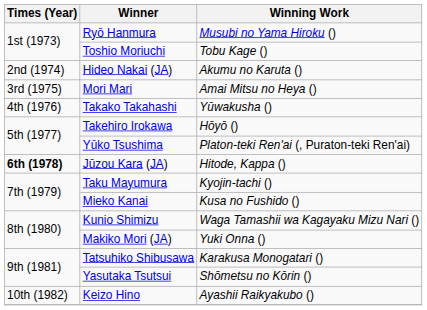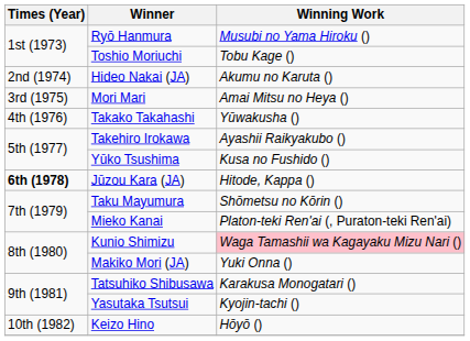 <table class="wikitable" style="text-align:left;">
 <tr>
 <th>Times (Year)</th>
 <th>Winner</th>
 <th>Winning Work</th>
 </tr>
 <tr>
 <td rowspan="2">1st (1973)</td>
 <td><a href='#'>Ryō Hanmura</a></td>
 <td><em><a href='#'>Musubi no Yama Hiroku</a></em> ()</td>
 </tr>
 <tr>
 <td><a href='#'>Toshio Moriuchi</a></td>
 <td><em>Tobu Kage</em> ()</td>
 </tr>
 <tr>
 <td>2nd (1974)</td>
 <td><a href='#'>Hideo Nakai</a> (<a href='#'>JA</a>)</td>
 <td><em>Akumu no Karuta</em> ()</td>
 </tr>
 <tr>
 <td>3rd (1975)</td>
 <td><a href='#'>Mori Mari</a></td>
 <td><em>Amai Mitsu no Heya</em> ()</td>
 </tr>
 <tr>
 <td>4th (1976)</td>
 <td><a href='#'>Takako Takahashi</a></td>
 <td><em>Yūwakusha</em> ()</td>
 </tr>
 <tr>
 <td rowspan="2">5th (1977)</td>
 <td><a href='#'>Takehiro Irokawa</a></td>
-<td><em>Hōyō</em> ()</td>
+<td><em>Ayashii Raikyakubo</em> ()</td>
 </tr>
 <tr>
 <td><a href='#'>Yūko Tsushima</a></td>
-<td><em>Platon-teki Ren'ai</em> (, Puraton-teki Ren'ai)</td>
+<td><em>Kusa no Fushido</em> ()</td>
 </tr>
 <tr>
 <td><strong>6th (1978)</strong></td>
 <td><a href='#'>Jūzou Kara</a> (<a href='#'>JA</a>)</td>
 <td><em>Hitode, Kappa</em> ()</td>
 </tr>
 <tr>
 <td rowspan="2">7th (1979)</td>
 <td><a href='#'>Taku Mayumura</a></td>
-<td><em>Kyojin-tachi</em> ()</td>
+<td><em>Shōmetsu no Kōrin</em> ()</td>
 </tr>
 <tr>
 <td><a href='#'>Mieko Kanai</a></td>
-<td><em>Kusa no Fushido</em> ()</td>
+<td><em>Platon-teki Ren'ai</em> (, Puraton-teki Ren'ai)</td>
 </tr>
 <tr>
 <td rowspan="2">8th (1980)</td>
 <td><a href='#'>Kunio Shimizu</a></td>
-<td><em>Waga Tamashii wa Kagayaku Mizu Nari</em> ()</td>
+<td style="background: pink;"><em>Waga Tamashii wa Kagayaku Mizu Nari</em> ()</td>
 </tr>
 <tr>
 <td><a href='#'>Makiko Mori</a> (<a href='#'>JA</a>)</td>
 <td><em>Yuki Onna</em> ()</td>
 </tr>
 <tr>
 <td rowspan="2">9th (1981)</td>
 <td><a href='#'>Tatsuhiko Shibusawa</a></td>
 <td><em>Karakusa Monogatari</em> ()</td>
 </tr>
 <tr>
 <td><a href='#'>Yasutaka Tsutsui</a></td>
-<td><em>Shōmetsu no Kōrin</em> ()</td>
+<td><em>Kyojin-tachi</em> ()</td>
 </tr>
 <tr>
 <td>10th (1982)</td>
 <td><a href='#'>Keizo Hino</a></td>
-<td><em>Ayashii Raikyakubo</em> ()</td>
+<td><em>Hōyō</em> ()</td>
 </tr>
 <tr>
 </tr>
 </table>
